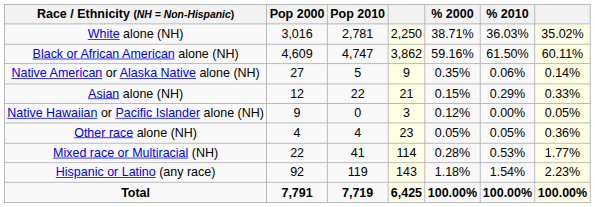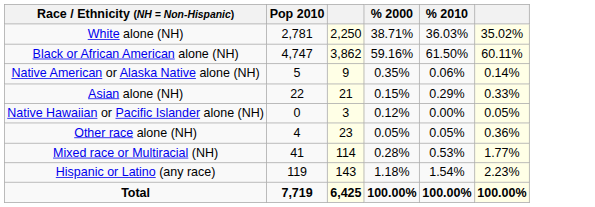 <table class="wikitable" style="text-align:center;">
 <tr>
 <th>Race / Ethnicity <small>(<em>NH = Non-Hispanic</em>)</small></th>
-<th>Pop 2000</th>
 <th>Pop 2010</th>
 <th></th>
 <th>% 2000</th>
 <th>% 2010</th>
 <th></th>
 </tr>
 <tr>
 <td><a href='#'>White</a> alone (NH)</td>
-<td>3,016</td>
 <td>2,781</td>
 <td style='background: #ffffe6;'>2,250</td>
 <td>38.71%</td>
 <td>36.03%</td>
 <td style='background: #ffffe6;'>35.02%</td>
 </tr>
 <tr>
 <td><a href='#'>Black or African American</a> alone (NH)</td>
-<td>4,609</td>
 <td>4,747</td>
 <td style='background: #ffffe6;'>3,862</td>
 <td>59.16%</td>
 <td>61.50%</td>
 <td style='background: #ffffe6;'>60.11%</td>
 </tr>
 <tr>
 <td><a href='#'>Native American</a> or <a href='#'>Alaska Native</a> alone (NH)</td>
-<td>27</td>
 <td>5</td>
 <td style='background: #ffffe6;'>9</td>
 <td>0.35%</td>
 <td>0.06%</td>
 <td style='background: #ffffe6;'>0.14%</td>
 </tr>
 <tr>
 <td><a href='#'>Asian</a> alone (NH)</td>
-<td>12</td>
 <td>22</td>
 <td style='background: #ffffe6;'>21</td>
 <td>0.15%</td>
 <td>0.29%</td>
 <td style='background: #ffffe6;'>0.33%</td>
 </tr>
 <tr>
 <td><a href='#'>Native Hawaiian</a> or <a href='#'>Pacific Islander</a> alone (NH)</td>
-<td>9</td>
 <td>0</td>
 <td style='background: #ffffe6;'>3</td>
 <td>0.12%</td>
 <td>0.00%</td>
 <td style='background: #ffffe6;'>0.05%</td>
 </tr>
 <tr>
 <td><a href='#'>Other race</a> alone (NH)</td>
 <td>4</td>
-<td>4</td>
 <td style='background: #ffffe6;'>23</td>
 <td>0.05%</td>
 <td>0.05%</td>
 <td style='background: #ffffe6;'>0.36%</td>
 </tr>
 <tr>
 <td><a href='#'>Mixed race or Multiracial</a> (NH)</td>
-<td>22</td>
 <td>41</td>
 <td style='background: #ffffe6;'>114</td>
 <td>0.28%</td>
 <td>0.53%</td>
 <td style='background: #ffffe6;'>1.77%</td>
 </tr>
 <tr>
 <td><a href='#'>Hispanic or Latino</a> (any race)</td>
-<td>92</td>
 <td>119</td>
 <td style='background: #ffffe6;'>143</td>
 <td>1.18%</td>
 <td>1.54%</td>
 <td style='background: #ffffe6;'>2.23%</td>
 </tr>
 <tr>
 <td><strong>Total</strong></td>
-<td><strong>7,791</strong></td>
 <td><strong>7,719</strong></td>
 <td style='background: #ffffe6;'><strong>6,425</strong></td>
 <td><strong>100.00%</strong></td>
 <td><strong>100.00%</strong></td>
 <td style='background: #ffffe6;'><strong>100.00%</strong></td>
 </tr>
 </table>
